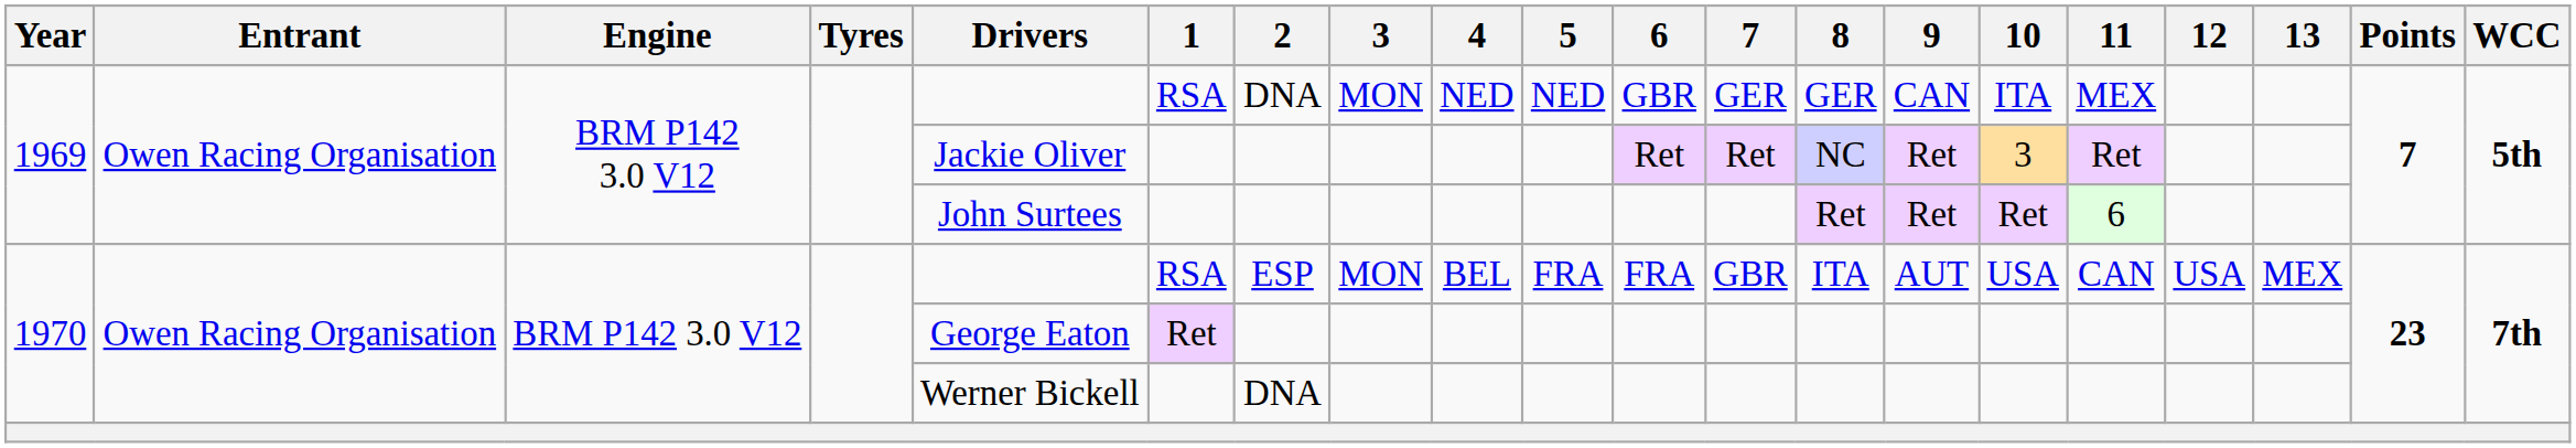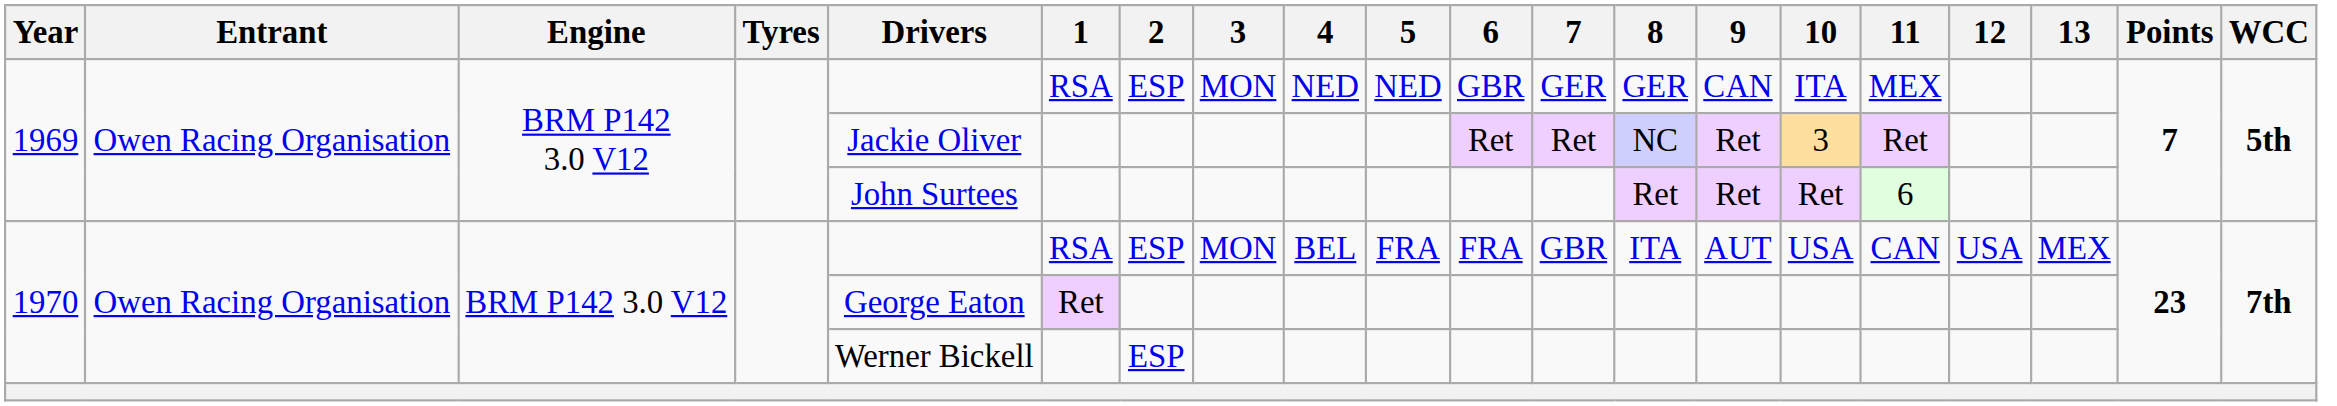 <table class="wikitable" style="text-align:center; font-size:95%">
 <tr>
 <th>Year</th>
 <th>Entrant</th>
 <th>Engine</th>
 <th>Tyres</th>
 <th>Drivers</th>
 <th>1</th>
 <th>2</th>
 <th>3</th>
 <th>4</th>
 <th>5</th>
 <th>6</th>
 <th>7</th>
 <th>8</th>
 <th>9</th>
 <th>10</th>
 <th>11</th>
 <th>12</th>
 <th>13</th>
 <th>Points</th>
 <th>WCC</th>
 </tr>
 <tr>
 <td rowspan="3"><a href='#'>1969</a></td>
 <td rowspan="3"><a href='#'>Owen Racing Organisation</a></td>
 <td rowspan="3"><a href='#'>BRM P142</a> <br>3.0 <a href='#'>V12</a></td>
 <td rowspan="3"></td>
 <td></td>
 <td><a href='#'>RSA</a></td>
-<td>DNA</td>
+<td><a href='#'>ESP</a></td>
 <td><a href='#'>MON</a></td>
 <td><a href='#'>NED</a></td>
 <td><a href='#'>NED</a></td>
 <td><a href='#'>GBR</a></td>
 <td><a href='#'>GER</a></td>
 <td><a href='#'>GER</a></td>
 <td><a href='#'>CAN</a></td>
 <td><a href='#'>ITA</a></td>
 <td><a href='#'>MEX</a></td>
 <td></td>
 <td></td>
 <td rowspan="3"><strong>7</strong> </td>
 <td rowspan="3"><strong>5th</strong> </td>
 </tr>
 <tr>
 <td><a href='#'>Jackie Oliver</a></td>
 <td></td>
 <td></td>
 <td></td>
 <td></td>
 <td></td>
 <td style="background:#EFCFFF;">Ret</td>
 <td style="background:#EFCFFF;">Ret</td>
 <td style="background:#CFCFFF;">NC</td>
 <td style="background:#EFCFFF;">Ret</td>
 <td style="background:#FFDF9F;">3</td>
 <td style="background:#EFCFFF;">Ret</td>
 <td></td>
 <td></td>
 </tr>
 <tr>
 <td><a href='#'>John Surtees</a></td>
 <td></td>
 <td></td>
 <td></td>
 <td></td>
 <td></td>
 <td></td>
 <td></td>
 <td style="background:#EFCFFF;">Ret</td>
 <td style="background:#EFCFFF;">Ret</td>
 <td style="background:#EFCFFF;">Ret</td>
 <td style="background:#DFFFDF;">6</td>
 <td></td>
 <td></td>
 </tr>
 <tr>
 <td rowspan="3"><a href='#'>1970</a></td>
 <td rowspan="3"><a href='#'>Owen Racing Organisation</a></td>
 <td rowspan="3"><a href='#'>BRM P142</a> 3.0 <a href='#'>V12</a></td>
 <td rowspan="3"></td>
 <td></td>
 <td><a href='#'>RSA</a></td>
 <td><a href='#'>ESP</a></td>
 <td><a href='#'>MON</a></td>
 <td><a href='#'>BEL</a></td>
 <td><a href='#'>FRA</a></td>
 <td><a href='#'>FRA</a></td>
 <td><a href='#'>GBR</a></td>
 <td><a href='#'>ITA</a></td>
 <td><a href='#'>AUT</a></td>
 <td><a href='#'>USA</a></td>
 <td><a href='#'>CAN</a></td>
 <td><a href='#'>USA</a></td>
 <td><a href='#'>MEX</a></td>
 <td rowspan="3"><strong>23</strong> </td>
 <td rowspan="3"><strong>7th</strong> </td>
 </tr>
 <tr>
 <td><a href='#'>George Eaton</a></td>
 <td style="background:#EFCFFF;">Ret</td>
 <td></td>
 <td></td>
 <td></td>
 <td></td>
 <td></td>
 <td></td>
 <td></td>
 <td></td>
 <td></td>
 <td></td>
 <td></td>
 <td></td>
 </tr>
 <tr>
 <td>Werner Bickell</td>
 <td></td>
-<td>DNA</td>
+<td><a href='#'>ESP</a></td>
 <td></td>
 <td></td>
 <td></td>
 <td></td>
 <td></td>
 <td></td>
 <td></td>
 <td></td>
 <td></td>
 <td></td>
 <td></td>
 </tr>
 <tr>
 <th colspan="20"></th>
 </tr>
 </table>
